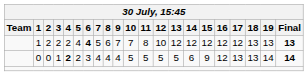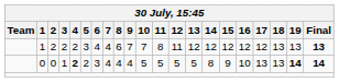 <table class=wikitable style="text-align:center; width: 55%">
 <tr>
 <th colspan=21><em>30 July, 15:45</em></th>
 </tr>
 <tr>
 <th>Team</th>
 <th>1</th>
 <th>2</th>
 <th>3</th>
 <th>4</th>
 <th>5</th>
 <th>6</th>
 <th>7</th>
 <th>8</th>
 <th>9</th>
 <th>10</th>
 <th>11</th>
 <th>12</th>
 <th>13</th>
 <th>14</th>
 <th>15</th>
 <th>16</th>
 <th>17</th>
 <th>18</th>
 <th>19</th>
 <th>Final</th>
 </tr>
 <tr>
 <td align=left></td>
 <td>1</td>
 <td>2</td>
 <td>2</td>
 <td>2</td>
+<td>3</td>
 <td>4</td>
-<td><strong>4</strong></td>
-<td>5</td>
+<td>4</td>
 <td>6</td>
 <td>7</td>
 <td>7</td>
 <td>8</td>
-<td>10</td>
+<td>11</td>
 <td>12</td>
 <td>12</td>
 <td>12</td>
 <td>12</td>
 <td>12</td>
 <td>13</td>
 <td>13</td>
 <td><strong>13</strong></td>
 </tr>
 <tr>
 <td align=left><strong></strong></td>
 <td>0</td>
 <td>0</td>
 <td>1</td>
 <td><strong>2</strong></td>
 <td>2</td>
 <td>3</td>
 <td>4</td>
 <td>4</td>
 <td>4</td>
 <td>5</td>
 <td>5</td>
 <td>5</td>
 <td>5</td>
-<td>6</td>
+<td>8</td>
 <td>9</td>
-<td>12</td>
+<td>10</td>
 <td>13</td>
 <td>13</td>
-<td>14</td>
+<td><strong>14</strong></td>
 <td><strong>14</strong></td>
 </tr>
 <tr>
 <td colspan=21></td>
 </tr>
 </table>
